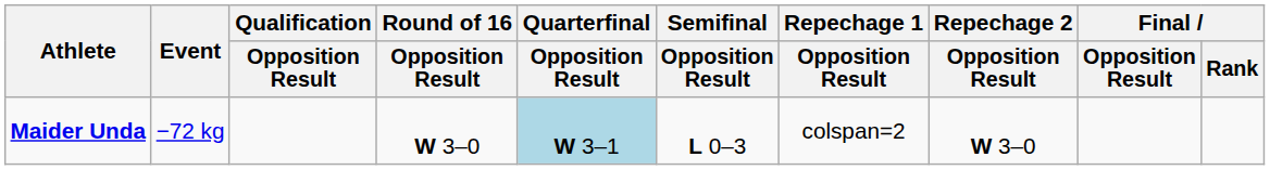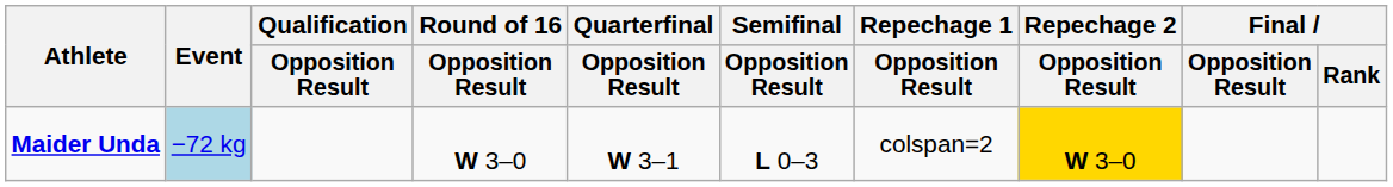 <table class="wikitable" style="font-size:90%">
 <tr>
 <th rowspan=2>Athlete</th>
 <th rowspan=2>Event</th>
 <th>Qualification</th>
 <th>Round of 16</th>
 <th>Quarterfinal</th>
 <th>Semifinal</th>
 <th>Repechage 1</th>
 <th>Repechage 2</th>
 <th colspan=2>Final / </th>
 </tr>
 <tr style="font-size: 95%">
 <th>Opposition<br>Result</th>
 <th>Opposition<br>Result</th>
 <th>Opposition<br>Result</th>
 <th>Opposition<br>Result</th>
 <th>Opposition<br>Result</th>
 <th>Opposition<br>Result</th>
 <th>Opposition<br>Result</th>
 <th>Rank</th>
 </tr>
 <tr align=center>
 <td align=left><strong><a href='#'>Maider Unda</a></strong></td>
-<td align=left><a href='#'>−72 kg</a></td>
+<td align=left style="background: lightblue;"><a href='#'>−72 kg</a></td>
 <td></td>
 <td><br><strong>W</strong> 3–0 <sup></sup></td>
-<td style="background: lightblue;"><br><strong>W</strong> 3–1 <sup></sup></td>
+<td><br><strong>W</strong> 3–1 <sup></sup></td>
 <td><br><strong>L</strong> 0–3 <sup></sup></td>
 <td>colspan=2 </td>
-<td><br><strong>W</strong> 3–0 <sup></sup></td>
+<td style="background: gold;"><br><strong>W</strong> 3–0 <sup></sup></td>
 <td></td>
 </tr>
 </table>
